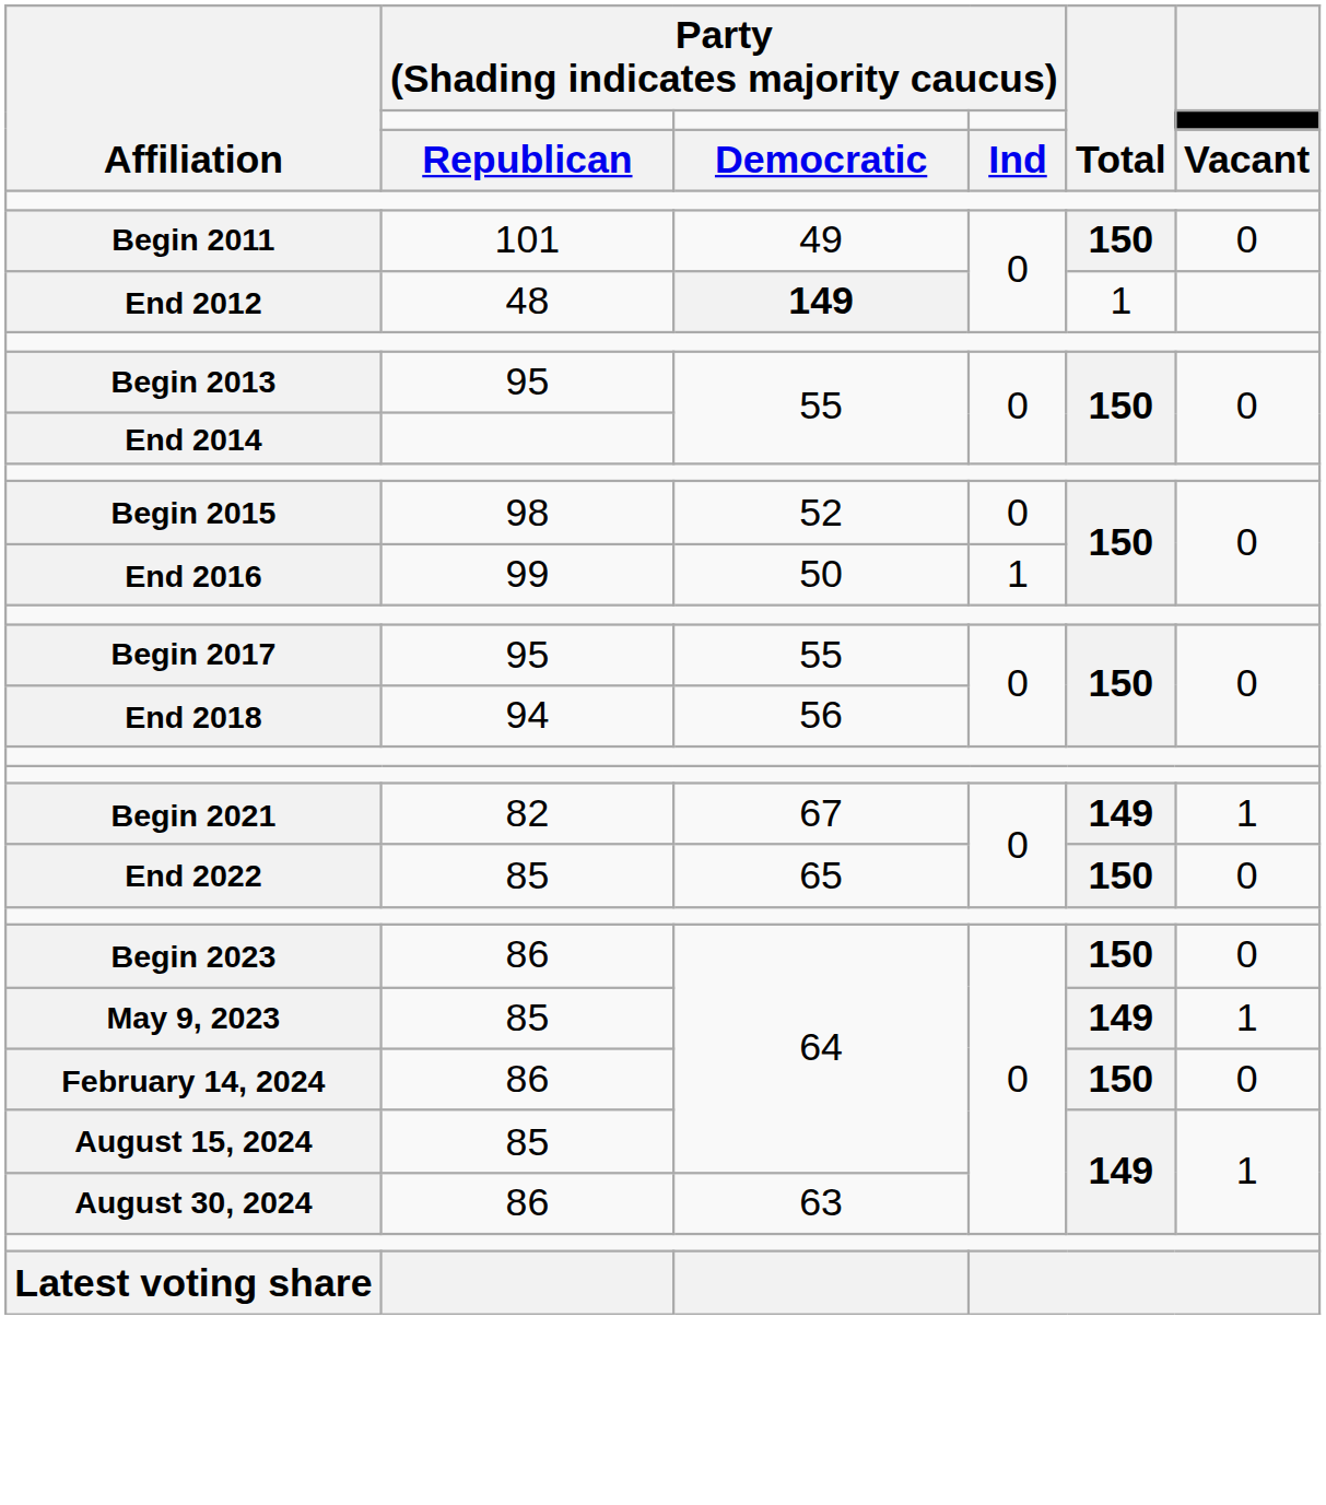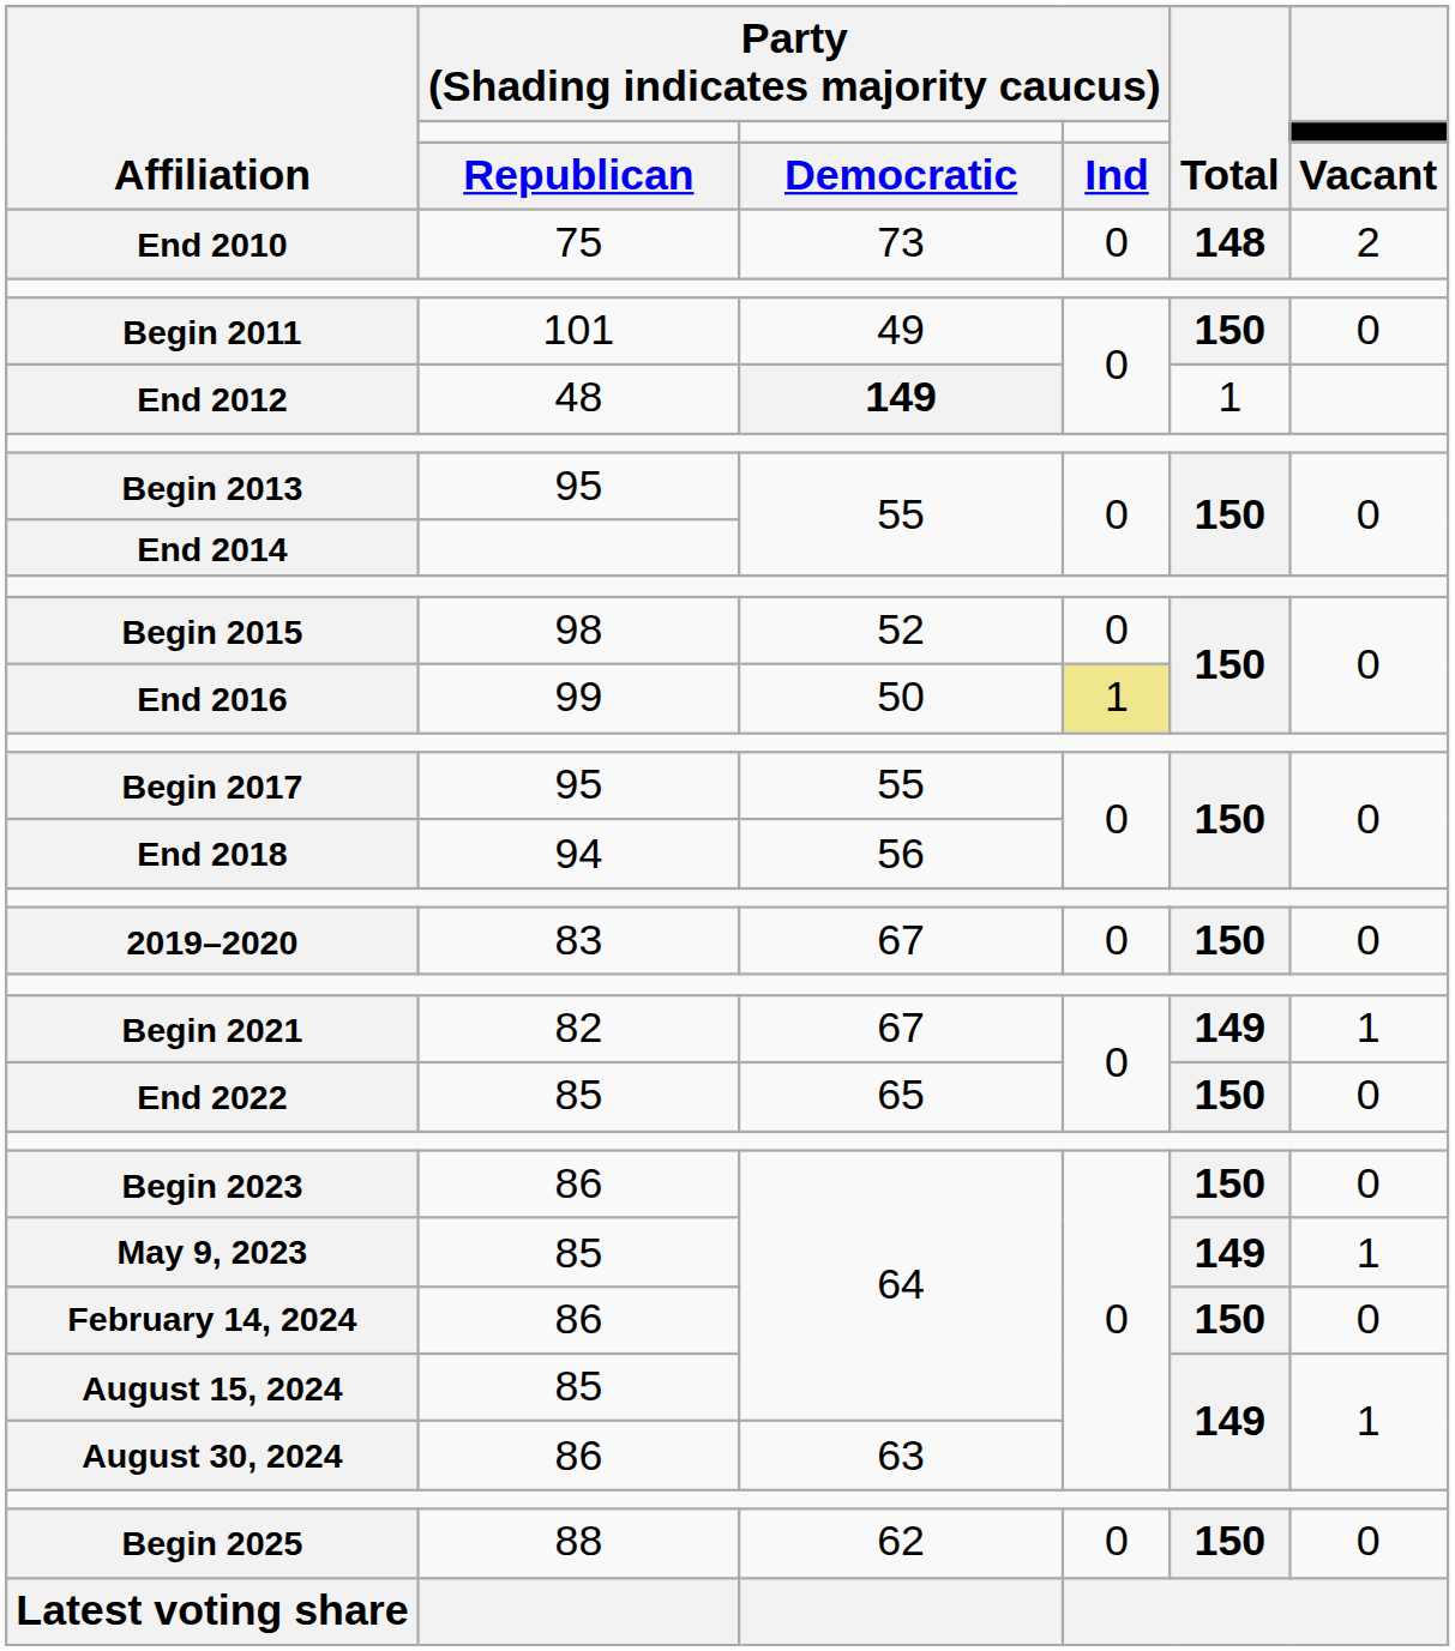 <table class=wikitable style="text-align:center">
 <tr style="vertical-align:bottom;">
 <th rowspan=3>Affiliation</th>
 <th colspan=3>Party <div>(Shading indicates majority caucus)</div></th>
 <th rowspan=3>Total</th>
 <th></th>
 </tr>
 <tr style="height:5px">
 <td style="background-color:"></td>
 <td style="background-color:"></td>
 <td style="background-color:"></td>
 <td style="background: black"></td>
 </tr>
 <tr>
 <th><a href='#'>Republican</a></th>
 <th><a href='#'>Democratic</a></th>
 <th><a href='#'>Ind</a></th>
 <th>Vacant</th>
+</tr>
+<tr>
+<th nowrap style="font-size:80%">End 2010</th>
+<td>75</td>
+<td>73</td>
+<td>0</td>
+<th>148</th>
+<td>2</td>
 </tr>
 <tr>
 <td colspan=6></td>
 </tr>
 <tr>
 <th nowrap style="font-size:80%">Begin 2011</th>
 <td>101</td>
 <td>49</td>
 <td rowspan=2>0</td>
 <th>150</th>
 <td>0</td>
 </tr>
 <tr>
 <th nowrap style="font-size:80%">End 2012</th>
 <td>48</td>
 <th>149</th>
 <td>1</td>
 </tr>
 <tr>
 <td colspan=6></td>
 </tr>
 <tr>
 <th nowrap style="font-size:80%">Begin 2013</th>
 <td>95</td>
 <td rowspan=2>55</td>
 <td rowspan=2>0</td>
 <th rowspan=2>150</th>
 <td rowspan=2>0</td>
 </tr>
 <tr>
 <th nowrap style="font-size:80%">End 2014</th>
 </tr>
 <tr>
 <td colspan=6></td>
 </tr>
 <tr>
 <th nowrap style="font-size:80%">Begin 2015</th>
 <td>98</td>
 <td>52</td>
 <td>0</td>
 <th rowspan=2>150</th>
 <td rowspan=2>0</td>
 </tr>
 <tr>
 <th nowrap style="font-size:80%">End 2016</th>
 <td>99</td>
 <td>50</td>
-<td>1</td>
+<td style="background: khaki;">1</td>
 </tr>
 <tr>
 <td colspan=6></td>
 </tr>
 <tr>
 <th nowrap style="font-size:80%">Begin 2017</th>
 <td>95</td>
 <td>55</td>
 <td rowspan=2>0</td>
 <th rowspan=2>150</th>
 <td rowspan=2>0</td>
 </tr>
 <tr>
 <th nowrap style="font-size:80%">End 2018</th>
 <td>94</td>
 <td>56</td>
 </tr>
 <tr>
 <td colspan=6></td>
+</tr>
+<tr>
+<th wrap style="font-size:80%">2019–2020</th>
+<td>83</td>
+<td>67</td>
+<td>0</td>
+<th>150</th>
+<td>0</td>
 </tr>
 <tr>
 <td colspan=6></td>
 </tr>
 <tr>
 <th wrap style="font-size:80%">Begin 2021</th>
 <td>82</td>
 <td>67</td>
 <td rowspan=2>0</td>
 <th>149</th>
 <td>1</td>
 </tr>
 <tr>
 <th style="font-size:80%" wrap>End 2022</th>
 <td>85</td>
 <td>65</td>
 <th>150</th>
 <td>0</td>
 </tr>
 <tr>
 <td colspan=6></td>
 </tr>
 <tr>
 <th wrap style="font-size:80%">Begin 2023</th>
 <td>86</td>
 <td rowspan=4>64</td>
 <td rowspan=5>0</td>
 <th>150</th>
 <td>0</td>
 </tr>
 <tr>
 <th wrap style="font-size:80%">May 9, 2023</th>
 <td>85</td>
 <th>149</th>
 <td>1</td>
 </tr>
 <tr>
 <th wrap style="font-size:80%">February 14, 2024</th>
 <td>86</td>
 <th>150</th>
 <td>0</td>
 </tr>
 <tr>
 <th wrap style="font-size:80%">August 15, 2024</th>
 <td>85</td>
 <th rowspan=2>149</th>
 <td rowspan=2>1</td>
 </tr>
 <tr>
 <th wrap style="font-size:80%">August 30, 2024</th>
 <td>86</td>
 <td>63</td>
 </tr>
 <tr>
 <td colspan=6></td>
 </tr>
 <tr>
+<th nowrap style="font-size:80%">Begin 2025</th>
+<td>88</td>
+<td>62</td>
+<td>0</td>
+<th rowspan=1>150</th>
+<td rowspan=1>0</td>
+</tr>
+<tr>
 <th nowrap style="font-size:80%:">Latest voting share</th>
 <th></th>
 <th></th>
 <th colspan=3></th>
 </tr>
 </table>
